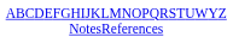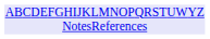 <table id="toc" class="toc" summary="Class" align="center" style="text-align:center;">
 <tr>
 <th></th>
 </tr>
 <tr>
-<td><a href='#'>A</a><a href='#'>B</a><a href='#'>C</a><a href='#'>D</a><a href='#'>E</a><a href='#'>F</a><a href='#'>G</a><a href='#'>H</a><a href='#'>I</a><a href='#'>J</a><a href='#'>K</a><a href='#'>L</a><a href='#'>M</a><a href='#'>N</a><a href='#'>O</a><a href='#'>P</a><a href='#'>Q</a><a href='#'>R</a><a href='#'>S</a><a href='#'>T</a><a href='#'>U</a><a href='#'>W</a><a href='#'>Y</a><a href='#'>Z</a><br><a href='#'>Notes</a><a href='#'>References</a></td>
+<td style="background: lavender;"><a href='#'>A</a><a href='#'>B</a><a href='#'>C</a><a href='#'>D</a><a href='#'>E</a><a href='#'>F</a><a href='#'>G</a><a href='#'>H</a><a href='#'>I</a><a href='#'>J</a><a href='#'>K</a><a href='#'>L</a><a href='#'>M</a><a href='#'>N</a><a href='#'>O</a><a href='#'>P</a><a href='#'>Q</a><a href='#'>R</a><a href='#'>S</a><a href='#'>T</a><a href='#'>U</a><a href='#'>W</a><a href='#'>Y</a><a href='#'>Z</a><br><a href='#'>Notes</a><a href='#'>References</a></td>
 </tr>
 </table>
